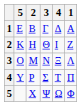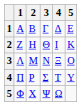 <table class="wikitable">
 <tr>
 <th></th>
-<th>5</th>
+<th>1</th>
 <th>2</th>
 <th>3</th>
 <th>4</th>
-<th>1</th>
+<th>5</th>
 </tr>
 <tr>
 <th>1</th>
-<td><a href='#'>Ε</a></td>
+<td><a href='#'>Α</a></td>
 <td><a href='#'>Β</a></td>
 <td><a href='#'>Γ</a></td>
 <td><a href='#'>Δ</a></td>
-<td><a href='#'>Α</a></td>
+<td><a href='#'>Ε</a></td>
 </tr>
 <tr>
 <th>2</th>
-<td><a href='#'>Κ</a></td>
+<td><a href='#'>Ζ</a></td>
 <td><a href='#'>Η</a></td>
 <td><a href='#'>Θ</a></td>
 <td><a href='#'>Ι</a></td>
-<td><a href='#'>Ζ</a></td>
+<td><a href='#'>Κ</a></td>
 </tr>
 <tr>
 <th>3</th>
-<td><a href='#'>Ο</a></td>
+<td><a href='#'>Λ</a></td>
 <td><a href='#'>Μ</a></td>
 <td><a href='#'>Ν</a></td>
 <td><a href='#'>Ξ</a></td>
-<td><a href='#'>Λ</a></td>
+<td><a href='#'>Ο</a></td>
 </tr>
 <tr>
 <th>4</th>
-<td><a href='#'>Υ</a></td>
+<td><a href='#'>Π</a></td>
 <td><a href='#'>Ρ</a></td>
 <td><a href='#'>Σ</a></td>
 <td><a href='#'>Τ</a></td>
-<td><a href='#'>Π</a></td>
+<td><a href='#'>Υ</a></td>
 </tr>
 <tr>
 <th>5</th>
-<td></td>
+<td><a href='#'>Φ</a></td>
 <td><a href='#'>Χ</a></td>
 <td><a href='#'>Ψ</a></td>
 <td><a href='#'>Ω</a></td>
-<td><a href='#'>Φ</a></td>
+<td></td>
 </tr>
 </table>
